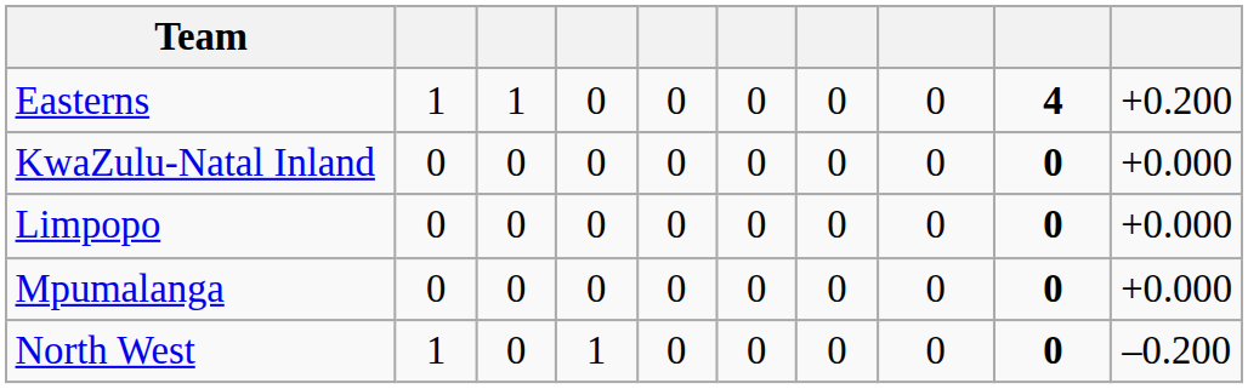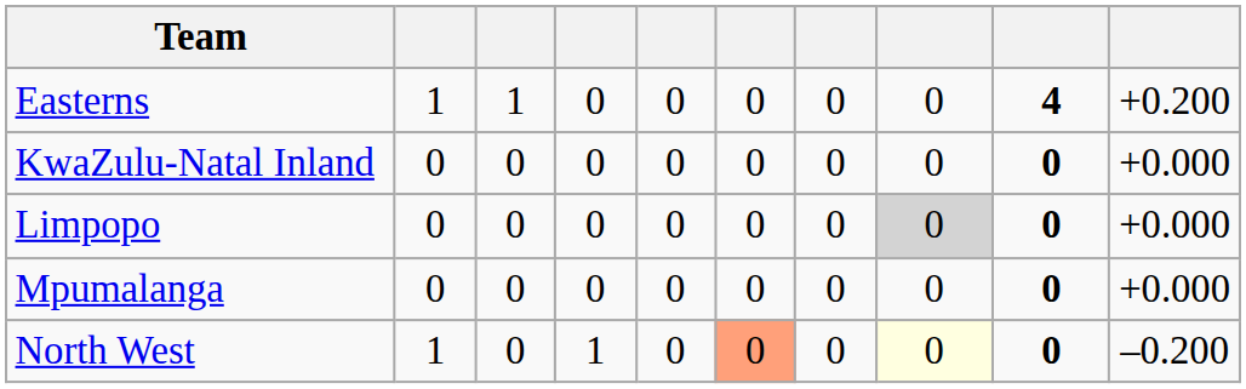 <table class="wikitable" style="text-align:center">
 <tr>
 <th width="150">Team</th>
 <th width="25"></th>
 <th width="25"></th>
 <th width="25"></th>
 <th width="25"></th>
 <th width="25"></th>
 <th width="25"></th>
 <th width="40"></th>
 <th width="40"></th>
 <th width="45"></th>
 </tr>
 <tr>
 <td style="text-align:left"><a href='#'>Easterns</a></td>
 <td>1</td>
 <td>1</td>
 <td>0</td>
 <td>0</td>
 <td>0</td>
 <td>0</td>
 <td>0</td>
 <td><strong>4</strong></td>
 <td>+0.200</td>
 </tr>
 <tr>
 <td style="text-align:left"><a href='#'>KwaZulu-Natal Inland</a></td>
 <td>0</td>
 <td>0</td>
 <td>0</td>
 <td>0</td>
 <td>0</td>
 <td>0</td>
 <td>0</td>
 <td><strong>0</strong></td>
 <td>+0.000</td>
 </tr>
 <tr>
 <td style="text-align:left"><a href='#'>Limpopo</a></td>
 <td>0</td>
 <td>0</td>
 <td>0</td>
 <td>0</td>
 <td>0</td>
 <td>0</td>
-<td>0</td>
+<td style="background: lightgrey;">0</td>
 <td><strong>0</strong></td>
 <td>+0.000</td>
 </tr>
 <tr>
 <td style="text-align:left"><a href='#'>Mpumalanga</a></td>
 <td>0</td>
 <td>0</td>
 <td>0</td>
 <td>0</td>
 <td>0</td>
 <td>0</td>
 <td>0</td>
 <td><strong>0</strong></td>
 <td>+0.000</td>
 </tr>
 <tr>
 <td style="text-align:left"><a href='#'>North West</a></td>
 <td>1</td>
 <td>0</td>
 <td>1</td>
 <td>0</td>
+<td style="background: lightsalmon;">0</td>
 <td>0</td>
-<td>0</td>
-<td>0</td>
+<td style="background: lightyellow;">0</td>
 <td><strong>0</strong></td>
 <td>–0.200</td>
 </tr>
 </table>
